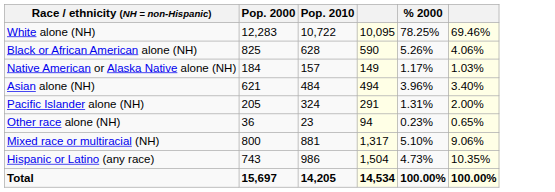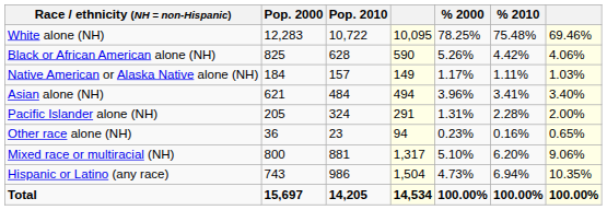 <table class="wikitable">
 <tr>
 <th>Race / ethnicity <small>(<em>NH = non-Hispanic</em>)</small></th>
 <th>Pop. 2000</th>
 <th>Pop. 2010</th>
 <th></th>
 <th>% 2000</th>
+<th>% 2010</th>
 <th></th>
 </tr>
 <tr>
 <td><a href='#'>White</a> alone (NH)</td>
 <td>12,283</td>
 <td>10,722</td>
 <td style='background: #ffffe6;'>10,095</td>
 <td>78.25%</td>
+<td>75.48%</td>
 <td style='background: #ffffe6;'>69.46%</td>
 </tr>
 <tr>
 <td><a href='#'>Black or African American</a> alone (NH)</td>
 <td>825</td>
 <td>628</td>
 <td style='background: #ffffe6;'>590</td>
 <td>5.26%</td>
+<td>4.42%</td>
 <td style='background: #ffffe6;'>4.06%</td>
 </tr>
 <tr>
 <td><a href='#'>Native American</a> or <a href='#'>Alaska Native</a> alone (NH)</td>
 <td>184</td>
 <td>157</td>
 <td style='background: #ffffe6;'>149</td>
 <td>1.17%</td>
+<td>1.11%</td>
 <td style='background: #ffffe6;'>1.03%</td>
 </tr>
 <tr>
 <td><a href='#'>Asian</a> alone (NH)</td>
 <td>621</td>
 <td>484</td>
 <td style='background: #ffffe6;'>494</td>
 <td>3.96%</td>
+<td>3.41%</td>
 <td style='background: #ffffe6;'>3.40%</td>
 </tr>
 <tr>
 <td><a href='#'>Pacific Islander</a> alone (NH)</td>
 <td>205</td>
 <td>324</td>
 <td style='background: #ffffe6;'>291</td>
 <td>1.31%</td>
+<td>2.28%</td>
 <td style='background: #ffffe6;'>2.00%</td>
 </tr>
 <tr>
 <td><a href='#'>Other race</a> alone (NH)</td>
 <td>36</td>
 <td>23</td>
 <td style='background: #ffffe6;'>94</td>
 <td>0.23%</td>
+<td>0.16%</td>
 <td style='background: #ffffe6;'>0.65%</td>
 </tr>
 <tr>
 <td><a href='#'>Mixed race or multiracial</a> (NH)</td>
 <td>800</td>
 <td>881</td>
 <td style='background: #ffffe6;'>1,317</td>
 <td>5.10%</td>
+<td>6.20%</td>
 <td style='background: #ffffe6;'>9.06%</td>
 </tr>
 <tr>
 <td><a href='#'>Hispanic or Latino</a> (any race)</td>
 <td>743</td>
 <td>986</td>
 <td style='background: #ffffe6;'>1,504</td>
 <td>4.73%</td>
+<td>6.94%</td>
 <td style='background: #ffffe6;'>10.35%</td>
 </tr>
 <tr>
 <td><strong>Total</strong></td>
 <td><strong>15,697</strong></td>
 <td><strong>14,205</strong></td>
 <td style='background: #ffffe6;'><strong>14,534</strong></td>
 <td><strong>100.00%</strong></td>
+<td><strong>100.00%</strong></td>
 <td style='background: #ffffe6;'><strong>100.00%</strong></td>
 </tr>
 </table>
